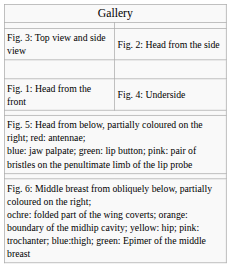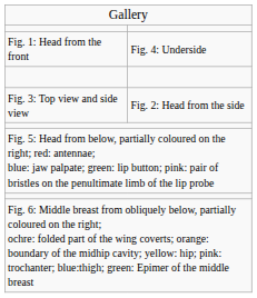 <table class="wikitable float-right" style="width:305px;">
 <tr>
 <td colspan="2" style="text-align:center;">Gallery</td>
 </tr>
 <tr>
 <td></td>
 <td></td>
 </tr>
 <tr>
-<td><small>Fig. 3: Top view and side view</small></td>
-<td><small>Fig. 2: Head from the side</small></td>
+<td><small>Fig. 1: Head from the front</small></td>
+<td><small>Fig. 4: Underside</small></td>
 </tr>
 <tr>
 <td><br></td>
 <td></td>
 </tr>
 <tr>
-<td><small>Fig. 1: Head from the front</small></td>
-<td><small>Fig. 4: Underside</small></td>
+<td><small>Fig. 3: Top view and side view</small></td>
+<td><small>Fig. 2: Head from the side</small></td>
 </tr>
 <tr>
 <td colspan="2"></td>
 </tr>
 <tr>
 <td colspan="2"><small>Fig. 5: Head from below, partially coloured on the right; red: antennae;<br> blue: jaw palpate; green: lip button; pink: pair of bristles on the penultimate limb of the lip probe</small></td>
 </tr>
 <tr>
 <td colspan="2"></td>
 </tr>
 <tr>
 <td colspan="2"><small>Fig. 6: Middle breast from obliquely below, partially coloured on the right;<br> ochre: folded part of the wing coverts; orange: boundary of the midhip cavity; yellow: hip; pink: trochanter; blue:thigh; green: Epimer of the middle breast</small></td>
 </tr>
 </table>
